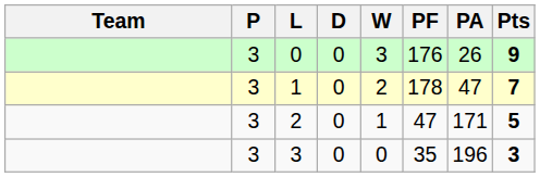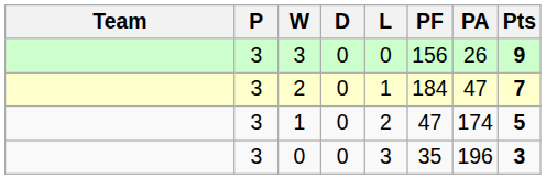 <table class="wikitable" style="text-align:center">
 <tr>
 <th width=165>Team</th>
 <th width=25>P</th>
+<th width=25>W</th>
+<th width=25>D</th>
 <th width=25>L</th>
-<th width=25>D</th>
-<th width=25>W</th>
 <th width=25>PF</th>
 <th width=25>PA</th>
 <th width=25>Pts</th>
 </tr>
 <tr style="background:#cfc">
 <td align=left></td>
 <td>3</td>
+<td>3</td>
 <td>0</td>
 <td>0</td>
-<td>3</td>
-<td>176</td>
+<td>156</td>
 <td>26</td>
 <td><strong>9</strong></td>
 </tr>
 <tr style="background:#ffc">
 <td align=left></td>
 <td>3</td>
+<td>2</td>
+<td>0</td>
 <td>1</td>
-<td>0</td>
-<td>2</td>
-<td>178</td>
+<td>184</td>
 <td>47</td>
 <td><strong>7</strong></td>
 </tr>
 <tr>
 <td align=left></td>
 <td>3</td>
+<td>1</td>
+<td>0</td>
 <td>2</td>
-<td>0</td>
-<td>1</td>
 <td>47</td>
-<td>171</td>
+<td>174</td>
 <td><strong>5</strong></td>
 </tr>
 <tr>
 <td align=left></td>
 <td>3</td>
-<td>3</td>
 <td>0</td>
 <td>0</td>
+<td>3</td>
 <td>35</td>
 <td>196</td>
 <td><strong>3</strong></td>
 </tr>
 </table>
